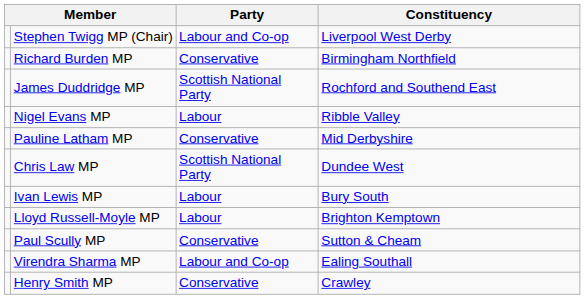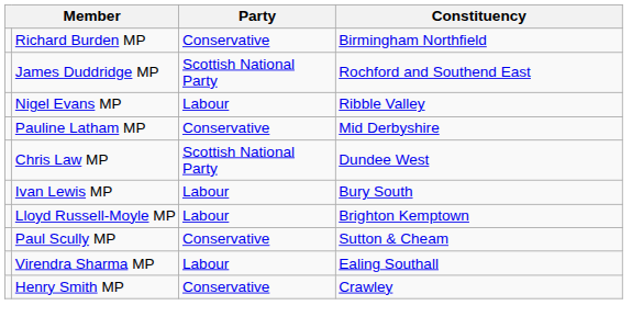 <table class="wikitable">
 <tr>
 <th colspan="2" style="width:160px; vertical-align:top;">Member</th>
 <th style="width:160px; vertical-align:top;">Party</th>
 <th style="width:300px; vertical-align:top;">Constituency</th>
-</tr>
-<tr>
-<td style="color:inherit;background:"></td>
-<td><a href='#'>Stephen Twigg</a> MP (Chair)</td>
-<td><a href='#'>Labour and Co-op</a></td>
-<td><a href='#'>Liverpool West Derby</a></td>
 </tr>
 <tr>
 <td style="color:inherit;background:"></td>
 <td><a href='#'>Richard Burden</a> MP</td>
 <td><a href='#'>Conservative</a></td>
 <td><a href='#'>Birmingham Northfield</a></td>
 </tr>
 <tr>
 <td style="color:inherit;background:"></td>
 <td><a href='#'>James Duddridge</a> MP</td>
 <td><a href='#'>Scottish National Party</a></td>
 <td><a href='#'>Rochford and Southend East</a></td>
 </tr>
 <tr>
 <td style="color:inherit;background:"></td>
 <td><a href='#'>Nigel Evans</a> MP</td>
 <td><a href='#'>Labour</a></td>
 <td><a href='#'>Ribble Valley</a></td>
 </tr>
 <tr>
 <td style="color:inherit;background:"></td>
 <td><a href='#'>Pauline Latham</a> MP</td>
 <td><a href='#'>Conservative</a></td>
 <td><a href='#'>Mid Derbyshire</a></td>
 </tr>
 <tr>
 <td style="color:inherit;background:"></td>
 <td><a href='#'>Chris Law</a> MP</td>
 <td><a href='#'>Scottish National Party</a></td>
 <td><a href='#'>Dundee West</a></td>
 </tr>
 <tr>
 <td style="color:inherit;background:"></td>
 <td><a href='#'>Ivan Lewis</a> MP</td>
 <td><a href='#'>Labour</a></td>
 <td><a href='#'>Bury South</a></td>
 </tr>
 <tr>
 <td style="color:inherit;background:"></td>
 <td><a href='#'>Lloyd Russell-Moyle</a> MP</td>
 <td><a href='#'>Labour</a></td>
 <td><a href='#'>Brighton Kemptown</a></td>
 </tr>
 <tr>
 <td style="color:inherit;background:"></td>
 <td><a href='#'>Paul Scully</a> MP</td>
 <td><a href='#'>Conservative</a></td>
 <td><a href='#'>Sutton & Cheam</a></td>
 </tr>
 <tr>
 <td style="color:inherit;background:"></td>
 <td><a href='#'>Virendra Sharma</a> MP</td>
-<td><a href='#'>Labour and Co-op</a></td>
+<td><a href='#'>Labour</a></td>
 <td><a href='#'>Ealing Southall</a></td>
 </tr>
 <tr>
 <td style="color:inherit;background:"></td>
 <td><a href='#'>Henry Smith</a> MP</td>
 <td><a href='#'>Conservative</a></td>
 <td><a href='#'>Crawley</a></td>
 </tr>
 </table>
